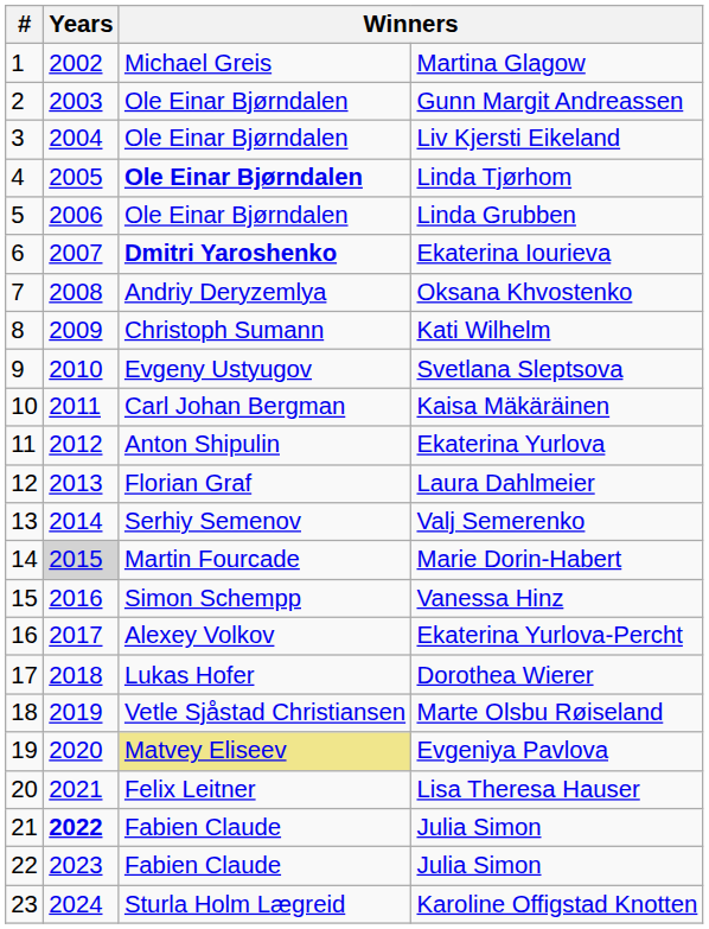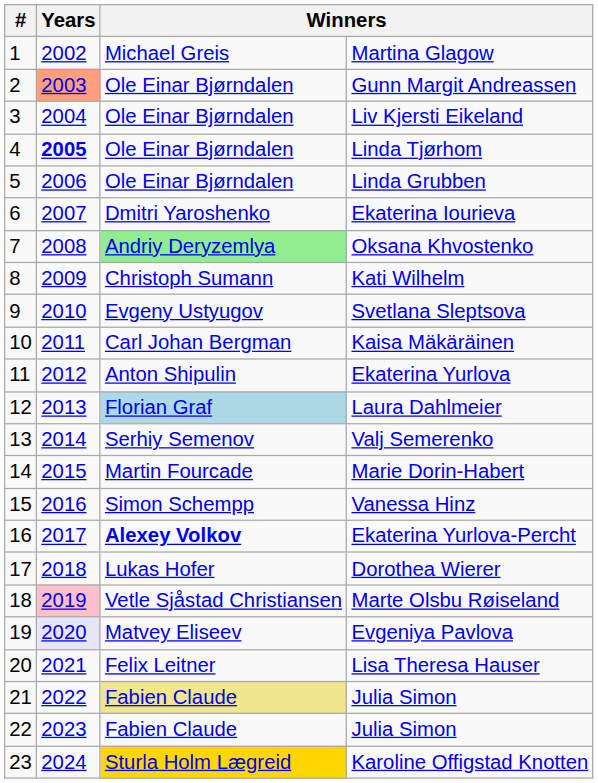 <table class="wikitable">
 <tr class="hintergrundfarbe5">
 <th>#</th>
 <th>Years</th>
 <th colspan=2>Winners</th>
 </tr>
 <tr>
 <td>1</td>
 <td><a href='#'>2002</a></td>
 <td> <a href='#'>Michael Greis</a></td>
 <td> <a href='#'>Martina Glagow</a></td>
 </tr>
 <tr>
 <td>2</td>
-<td><a href='#'>2003</a></td>
+<td style="background: lightsalmon;"><a href='#'>2003</a></td>
 <td> <a href='#'>Ole Einar Bjørndalen</a></td>
 <td> <a href='#'>Gunn Margit Andreassen</a></td>
 </tr>
 <tr>
 <td>3</td>
 <td><a href='#'>2004</a></td>
 <td> <a href='#'>Ole Einar Bjørndalen</a></td>
 <td> <a href='#'>Liv Kjersti Eikeland</a></td>
 </tr>
 <tr>
 <td>4</td>
-<td><a href='#'>2005</a></td>
-<td><strong> <a href='#'>Ole Einar Bjørndalen</a></strong></td>
+<td><strong><a href='#'>2005</a></strong></td>
+<td> <a href='#'>Ole Einar Bjørndalen</a></td>
 <td> <a href='#'>Linda Tjørhom</a></td>
 </tr>
 <tr>
 <td>5</td>
 <td><a href='#'>2006</a></td>
 <td> <a href='#'>Ole Einar Bjørndalen</a></td>
 <td> <a href='#'>Linda Grubben</a></td>
 </tr>
 <tr>
 <td>6</td>
 <td><a href='#'>2007</a></td>
-<td><strong> <a href='#'>Dmitri Yaroshenko</a></strong></td>
+<td> <a href='#'>Dmitri Yaroshenko</a></td>
 <td> <a href='#'>Ekaterina Iourieva</a></td>
 </tr>
 <tr>
 <td>7</td>
 <td><a href='#'>2008</a></td>
-<td> <a href='#'>Andriy Deryzemlya</a></td>
+<td style="background: lightgreen;"> <a href='#'>Andriy Deryzemlya</a></td>
 <td> <a href='#'>Oksana Khvostenko</a></td>
 </tr>
 <tr>
 <td>8</td>
 <td><a href='#'>2009</a></td>
 <td> <a href='#'>Christoph Sumann</a></td>
 <td> <a href='#'>Kati Wilhelm</a></td>
 </tr>
 <tr>
 <td>9</td>
 <td><a href='#'>2010</a> </td>
 <td> <a href='#'>Evgeny Ustyugov</a></td>
 <td> <a href='#'>Svetlana Sleptsova</a></td>
 </tr>
 <tr>
 <td>10</td>
 <td><a href='#'>2011</a></td>
 <td> <a href='#'>Carl Johan Bergman</a></td>
 <td> <a href='#'>Kaisa Mäkäräinen</a></td>
 </tr>
 <tr>
 <td>11</td>
 <td><a href='#'>2012</a></td>
 <td> <a href='#'>Anton Shipulin</a></td>
 <td> <a href='#'>Ekaterina Yurlova</a></td>
 </tr>
 <tr>
 <td>12</td>
 <td><a href='#'>2013</a></td>
-<td> <a href='#'>Florian Graf</a></td>
+<td style="background: lightblue;"> <a href='#'>Florian Graf</a></td>
 <td> <a href='#'>Laura Dahlmeier</a></td>
 </tr>
 <tr>
 <td>13</td>
 <td><a href='#'>2014</a></td>
 <td> <a href='#'>Serhiy Semenov</a></td>
 <td> <a href='#'>Valj Semerenko</a></td>
 </tr>
 <tr>
 <td>14</td>
-<td style="background: lightgrey;"><a href='#'>2015</a></td>
+<td><a href='#'>2015</a></td>
 <td> <a href='#'>Martin Fourcade</a></td>
 <td> <a href='#'>Marie Dorin-Habert</a></td>
 </tr>
 <tr>
 <td>15</td>
 <td><a href='#'>2016</a></td>
 <td> <a href='#'>Simon Schempp</a></td>
 <td> <a href='#'>Vanessa Hinz</a></td>
 </tr>
 <tr>
 <td>16</td>
 <td><a href='#'>2017</a></td>
-<td> <a href='#'>Alexey Volkov</a></td>
+<td><strong> <a href='#'>Alexey Volkov</a></strong></td>
 <td> <a href='#'>Ekaterina Yurlova-Percht</a></td>
 </tr>
 <tr>
 <td>17</td>
 <td><a href='#'>2018</a></td>
 <td> <a href='#'>Lukas Hofer</a></td>
 <td> <a href='#'>Dorothea Wierer</a></td>
 </tr>
 <tr>
 <td>18</td>
-<td><a href='#'>2019</a></td>
+<td style="background: pink;"><a href='#'>2019</a></td>
 <td> <a href='#'>Vetle Sjåstad Christiansen</a></td>
 <td> <a href='#'>Marte Olsbu Røiseland</a></td>
 </tr>
 <tr>
 <td>19</td>
-<td><a href='#'>2020</a></td>
-<td style="background: khaki;"> <a href='#'>Matvey Eliseev</a></td>
+<td style="background: lavender;"><a href='#'>2020</a></td>
+<td> <a href='#'>Matvey Eliseev</a></td>
 <td> <a href='#'>Evgeniya Pavlova</a></td>
 </tr>
 <tr>
 <td>20</td>
 <td><a href='#'>2021</a></td>
 <td> <a href='#'>Felix Leitner</a></td>
 <td> <a href='#'>Lisa Theresa Hauser</a></td>
 </tr>
 <tr>
 <td>21</td>
-<td><strong><a href='#'>2022</a></strong></td>
-<td> <a href='#'>Fabien Claude</a></td>
+<td><a href='#'>2022</a></td>
+<td style="background: khaki;"> <a href='#'>Fabien Claude</a></td>
 <td> <a href='#'>Julia Simon</a></td>
 </tr>
 <tr>
 <td>22</td>
 <td><a href='#'>2023</a></td>
 <td> <a href='#'>Fabien Claude</a></td>
 <td> <a href='#'>Julia Simon</a></td>
 </tr>
 <tr>
 <td>23</td>
 <td><a href='#'>2024</a></td>
-<td> <a href='#'>Sturla Holm Lægreid</a></td>
+<td style="background: gold;"> <a href='#'>Sturla Holm Lægreid</a></td>
 <td> <a href='#'>Karoline Offigstad Knotten</a></td>
 </tr>
 </table>
